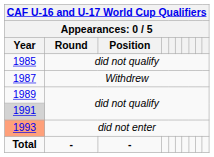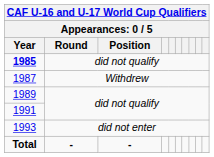 <table class="wikitable" style="text-align: center;">
 <tr>
 <th colspan=10><a href='#'>CAF U-16 and U-17 World Cup Qualifiers</a></th>
 </tr>
 <tr>
 <th colspan=10>Appearances: 0 / 5</th>
 </tr>
 <tr>
 <th>Year</th>
 <th>Round</th>
 <th>Position</th>
 <th></th>
 <th></th>
 <th></th>
 <th></th>
 <th></th>
 <th></th>
 <th></th>
 </tr>
 <tr>
-<td><a href='#'>1985</a></td>
+<td><strong><a href='#'>1985</a></strong></td>
 <td colspan=9><em>did not qualify</em></td>
 </tr>
 <tr>
 <td><a href='#'>1987</a></td>
 <td colspan=9><em>Withdrew</em></td>
 </tr>
 <tr>
 <td><a href='#'>1989</a></td>
 <td rowspan=2 colspan=9><em>did not qualify</em></td>
 </tr>
 <tr>
-<td style="background: lightgrey;"><a href='#'>1991</a></td>
+<td><a href='#'>1991</a></td>
 </tr>
 <tr>
-<td style="background: lightsalmon;"><a href='#'>1993</a></td>
+<td><a href='#'>1993</a></td>
 <td colspan=9><em>did not enter</em></td>
 </tr>
 <tr>
 <td><strong>Total</strong></td>
 <td><strong>-</strong></td>
 <td><strong>-</strong></td>
 <td><strong></strong></td>
 <td><strong></strong></td>
 <td><strong></strong></td>
 <td><strong></strong></td>
 <td><strong></strong></td>
 <td><strong></strong></td>
 <td><strong></strong></td>
 </tr>
 </table>
